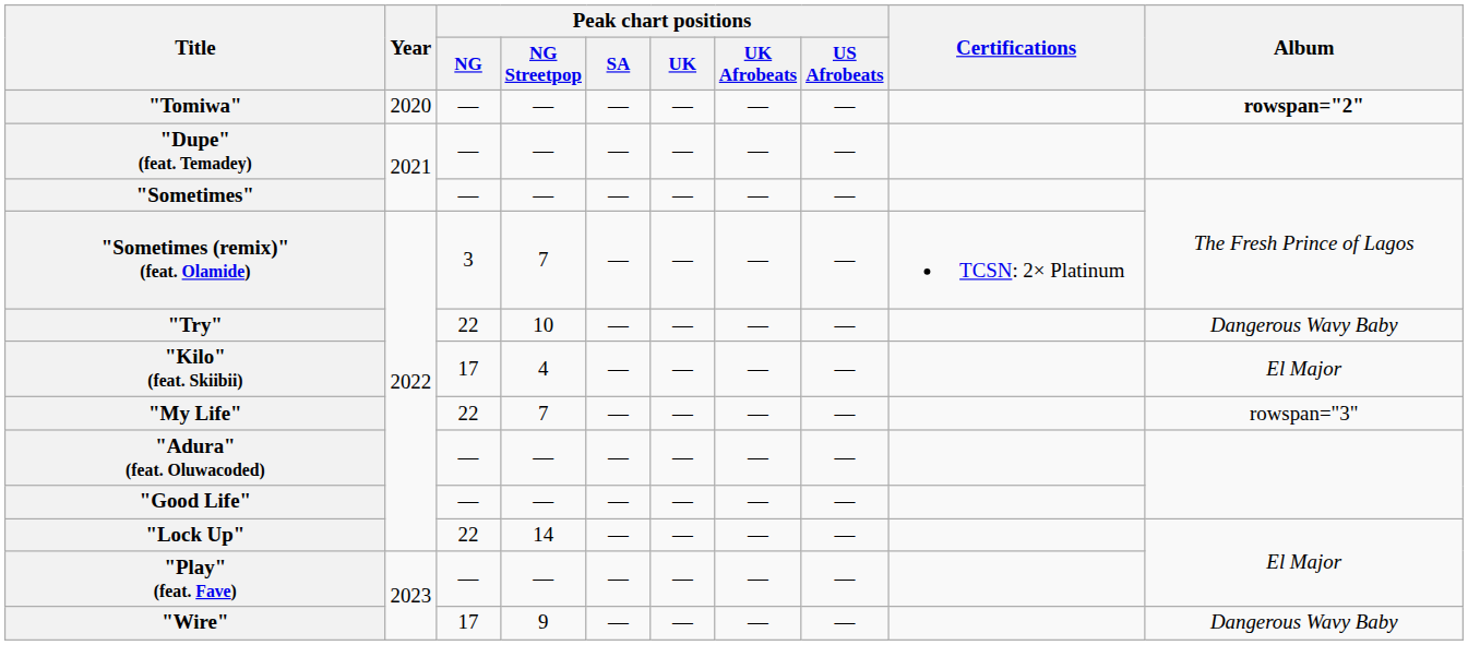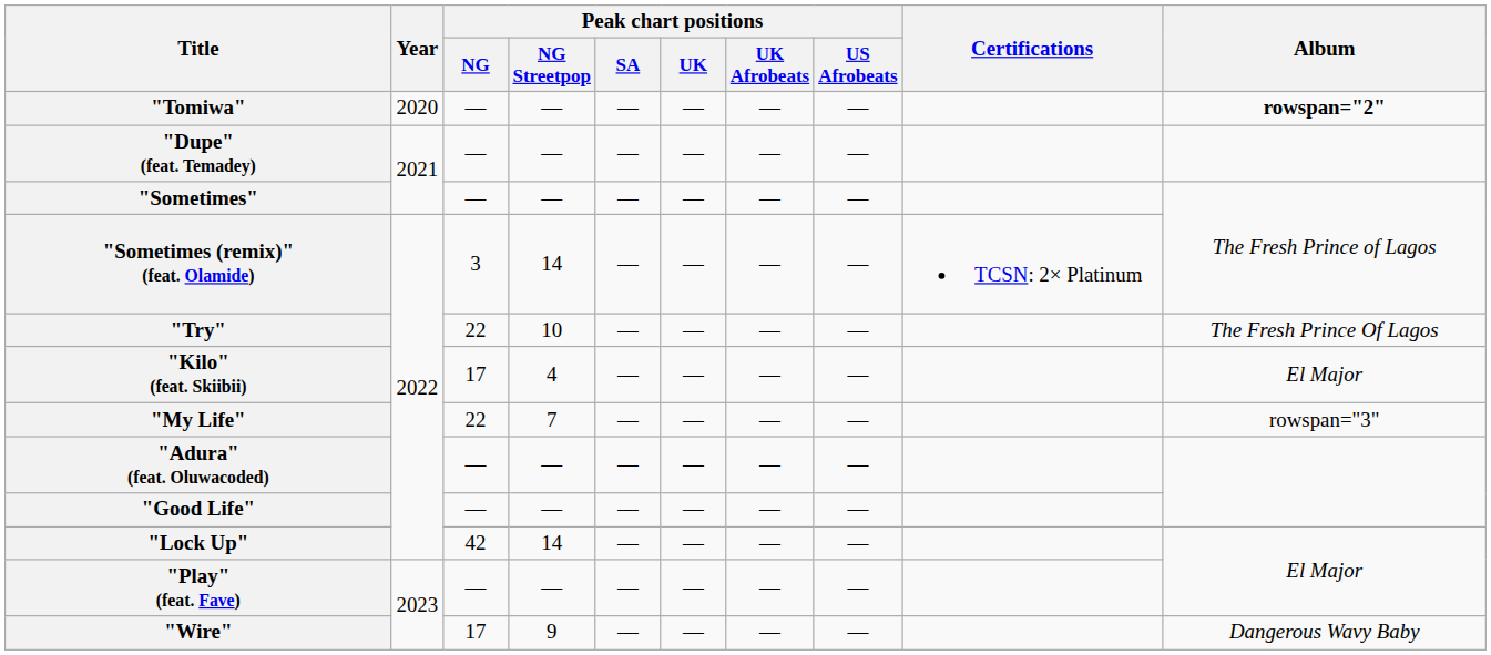 <table class="wikitable plainrowheaders" style="text-align:center;">
 <tr>
 <th scope="col" rowspan="2" style="width:18em;">Title</th>
 <th scope="col" rowspan="2" style="width:1em;">Year</th>
 <th colspan="6" scope="col">Peak chart positions</th>
 <th scope="col" rowspan="2" style="width:12em;"><a href='#'>Certifications</a></th>
 <th scope="col" rowspan="2" style="width:15em;">Album</th>
 </tr>
 <tr>
 <th scope="col" style="width:3em;font-size:90%;"><a href='#'>NG</a><br></th>
 <th scope="col" style="width:3em;font-size:90%;"><a href='#'>NG<br>Streetpop</a></th>
 <th scope="col" style="width:3em;font-size:90%;"><a href='#'>SA</a><br></th>
 <th scope="col" style="width:3em;font-size:90%;"><a href='#'>UK</a><br></th>
 <th scope="col" style="width:3em;font-size:90%;"><a href='#'>UK<br>Afrobeats</a></th>
 <th scope="col" style="width:3em;font-size:90%;"><a href='#'>US<br>Afrobeats</a></th>
 </tr>
 <tr>
 <th scope="row">"Tomiwa"</th>
 <td>2020</td>
 <td>—</td>
 <td>—</td>
 <td>—</td>
 <td>—</td>
 <td>—</td>
 <td>—</td>
 <td></td>
 <td><strong>rowspan="2" <em></em></strong></td>
 </tr>
 <tr>
 <th scope="row">"Dupe"<br> <small>(feat. Temadey)</small></th>
 <td rowspan="2">2021</td>
 <td>—</td>
 <td>—</td>
 <td>—</td>
 <td>—</td>
 <td>—</td>
 <td>—</td>
 <td></td>
 </tr>
 <tr>
 <th scope="row">"Sometimes"</th>
 <td>—</td>
 <td>—</td>
 <td>—</td>
 <td>—</td>
 <td>—</td>
 <td>—</td>
 <td></td>
 <td rowspan="2"><em>The Fresh Prince of Lagos</em></td>
 </tr>
 <tr>
 <th scope="row">"Sometimes (remix)"<br> <small>(feat. <a href='#'>Olamide</a>)</small></th>
 <td rowspan="7">2022</td>
 <td>3</td>
-<td>7</td>
+<td>14</td>
 <td>—</td>
 <td>—</td>
 <td>—</td>
 <td>—</td>
 <td><br><ul><li><a href='#'>TCSN</a>: 2× Platinum</li></ul></td>
 </tr>
 <tr>
 <th scope="row">"Try"</th>
 <td>22</td>
 <td>10</td>
 <td>—</td>
 <td>—</td>
 <td>—</td>
 <td>—</td>
 <td></td>
-<td><em>Dangerous Wavy Baby</em></td>
+<td><em>The Fresh Prince Of Lagos</em></td>
 </tr>
 <tr>
 <th scope="row">"Kilo"<br><small>(feat. Skiibii)</small></th>
 <td>17</td>
 <td>4</td>
 <td>—</td>
 <td>—</td>
 <td>—</td>
 <td>—</td>
 <td></td>
 <td><em>El Major</em></td>
 </tr>
 <tr>
 <th scope="row">"My Life"</th>
 <td>22</td>
 <td>7</td>
 <td>—</td>
 <td>—</td>
 <td>—</td>
 <td>—</td>
 <td></td>
 <td>rowspan="3" <em></em></td>
 </tr>
 <tr>
 <th scope="row">"Adura"<br> <small>(feat. Oluwacoded)</small></th>
 <td>—</td>
 <td>—</td>
 <td>—</td>
 <td>—</td>
 <td>—</td>
 <td>—</td>
 <td></td>
 </tr>
 <tr>
 <th scope="row">"Good Life"</th>
 <td>—</td>
 <td>—</td>
 <td>—</td>
 <td>—</td>
 <td>—</td>
 <td>—</td>
 <td></td>
 </tr>
 <tr>
 <th scope="row">"Lock Up"</th>
-<td>22</td>
+<td>42</td>
 <td>14</td>
 <td>—</td>
 <td>—</td>
 <td>—</td>
 <td>—</td>
 <td></td>
 <td rowspan="2"><em>El Major</em></td>
 </tr>
 <tr>
 <th scope="row">"Play"<br> <small>(feat. <a href='#'>Fave</a>)</small></th>
 <td rowspan="2">2023</td>
 <td>—</td>
 <td>—</td>
 <td>—</td>
 <td>—</td>
 <td>—</td>
 <td>—</td>
 <td></td>
 </tr>
 <tr>
 <th scope="row">"Wire"</th>
 <td>17</td>
 <td>9</td>
 <td>—</td>
 <td>—</td>
 <td>—</td>
 <td>—</td>
 <td></td>
 <td><em>Dangerous Wavy Baby</em></td>
 </tr>
 </table>
